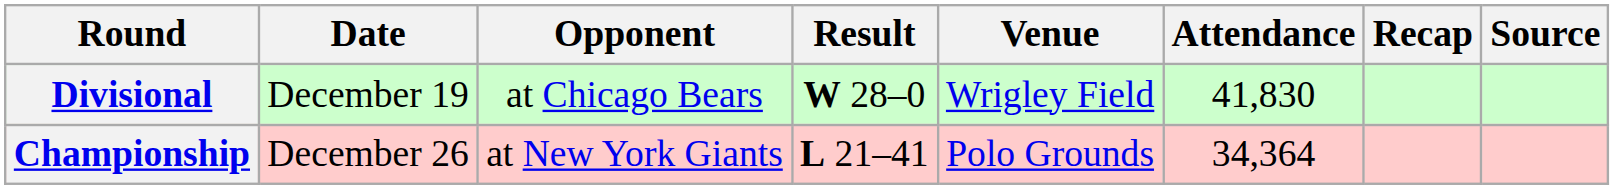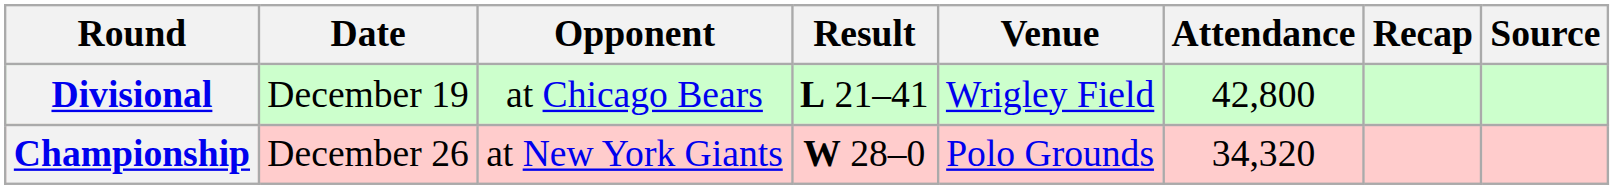 <table class="wikitable" style="text-align:center">
 <tr>
 <th>Round</th>
 <th>Date</th>
 <th>Opponent</th>
 <th>Result</th>
 <th>Venue</th>
 <th>Attendance</th>
 <th>Recap</th>
 <th>Source</th>
 </tr>
 <tr style="background:#cfc">
 <th><a href='#'>Divisional</a></th>
 <td>December 19</td>
 <td>at <a href='#'>Chicago Bears</a></td>
-<td><strong>W</strong> 28–0</td>
+<td><strong>L</strong> 21–41</td>
 <td><a href='#'>Wrigley Field</a></td>
-<td>41,830</td>
+<td>42,800</td>
 <td></td>
 <td></td>
 </tr>
 <tr style="background:#fcc">
 <th><a href='#'>Championship</a></th>
 <td>December 26</td>
 <td>at <a href='#'>New York Giants</a></td>
-<td><strong>L</strong> 21–41</td>
+<td><strong>W</strong> 28–0</td>
 <td><a href='#'>Polo Grounds</a></td>
-<td>34,364</td>
+<td>34,320</td>
 <td></td>
 <td></td>
 </tr>
 </table>
